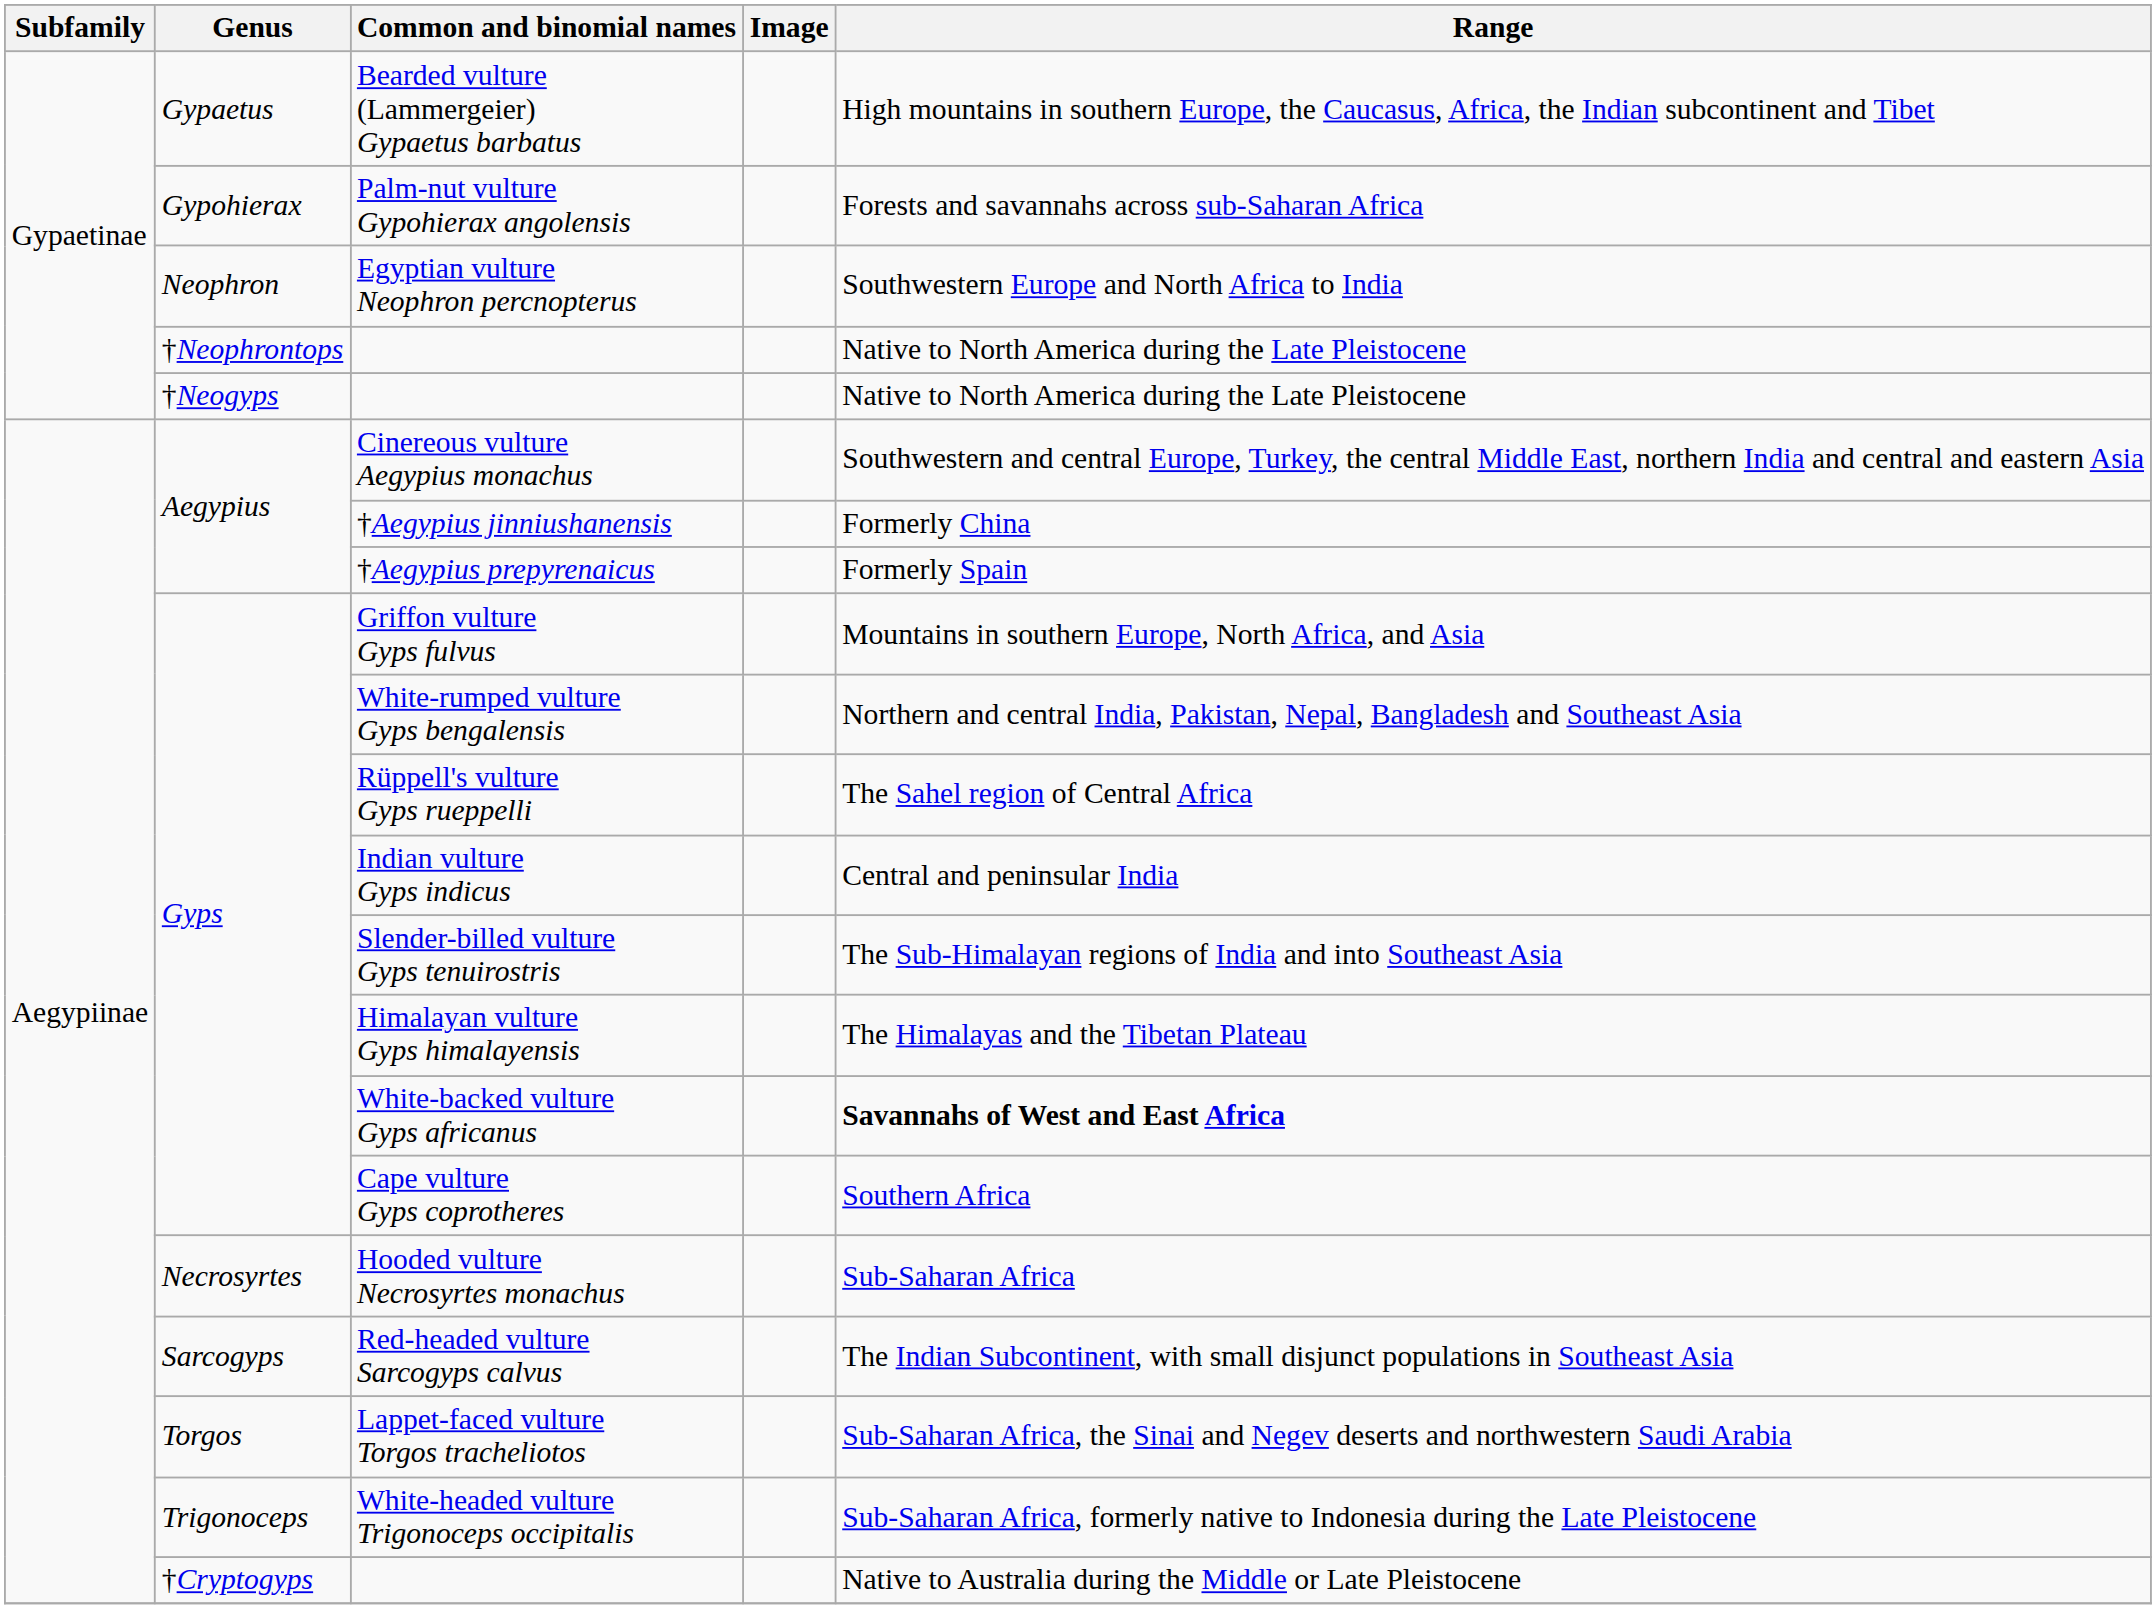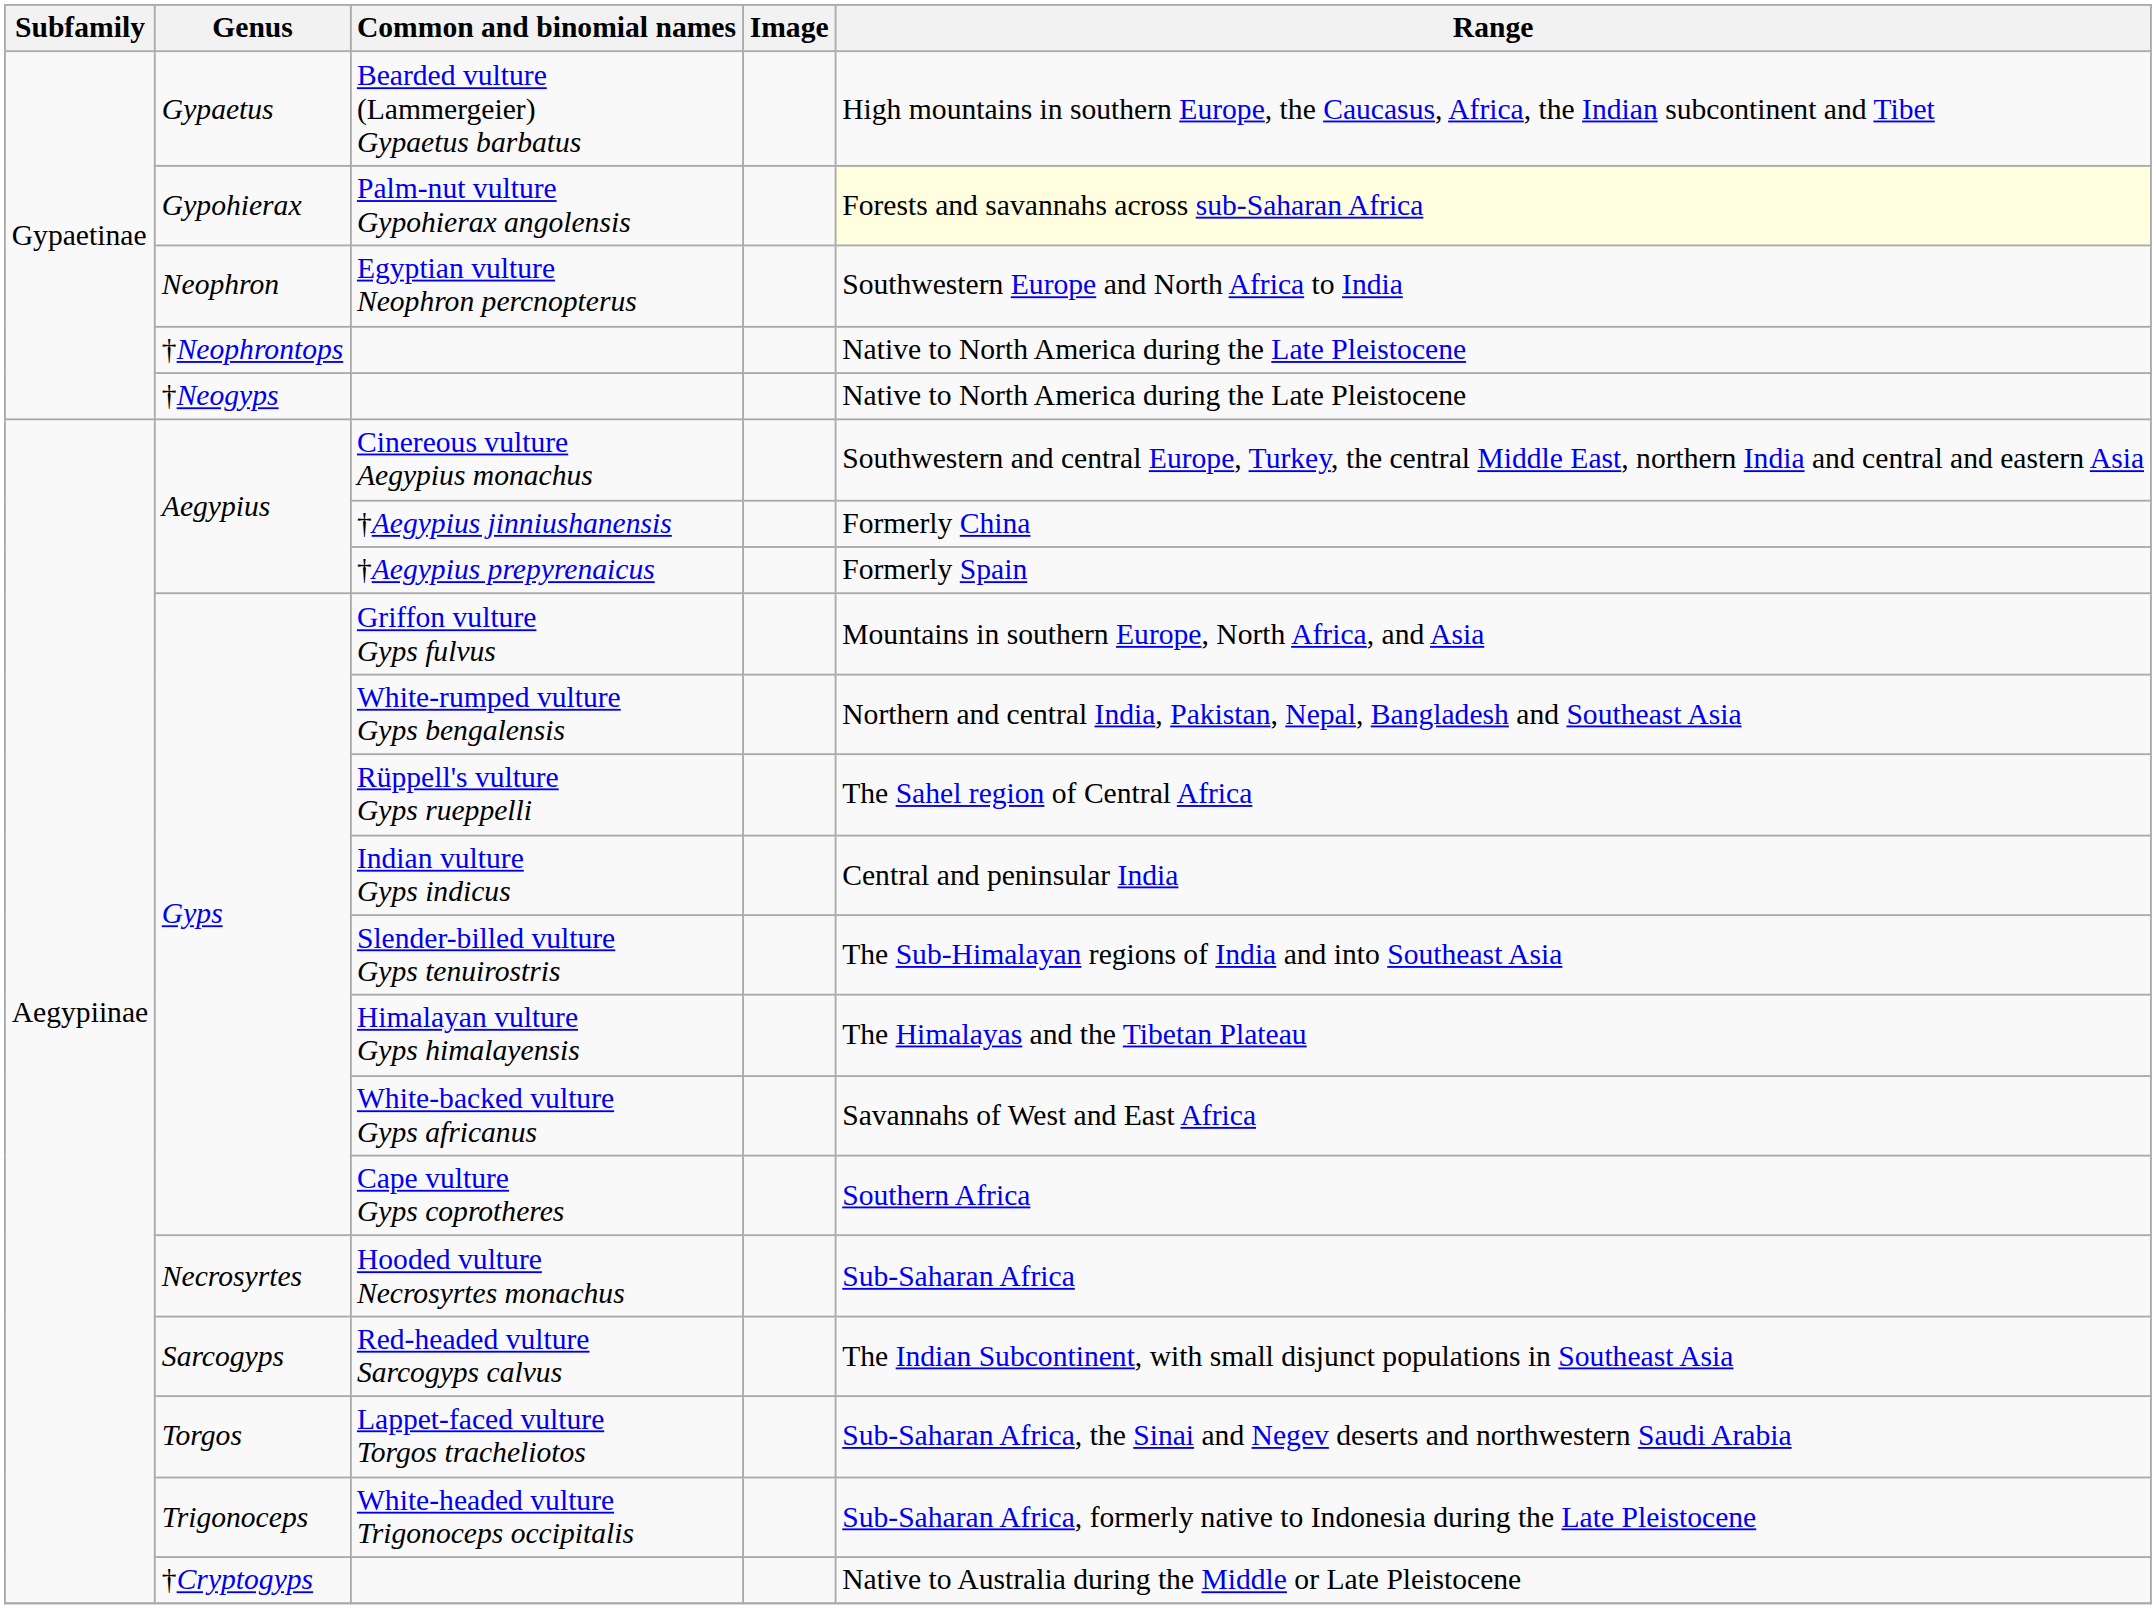 <table class="wikitable sortable">
 <tr>
 <th>Subfamily</th>
 <th>Genus</th>
 <th>Common and binomial names</th>
 <th class="unsortable">Image</th>
 <th>Range</th>
 </tr>
 <tr>
 <td rowspan="5">Gypaetinae</td>
 <td><em> Gypaetus</em></td>
 <td><a href='#'>Bearded vulture</a><br>(Lammergeier)<br><em>Gypaetus barbatus</em></td>
 <td></td>
 <td>High mountains in southern <a href='#'>Europe</a>, the <a href='#'>Caucasus</a>, <a href='#'>Africa</a>, the <a href='#'>Indian</a> subcontinent and <a href='#'>Tibet</a></td>
 </tr>
 <tr>
 <td><em>Gypohierax</em></td>
 <td><a href='#'>Palm-nut vulture</a><br><em>Gypohierax angolensis</em></td>
 <td></td>
-<td>Forests and savannahs across <a href='#'>sub-Saharan Africa</a></td>
+<td style="background: lightyellow;">Forests and savannahs across <a href='#'>sub-Saharan Africa</a></td>
 </tr>
 <tr>
 <td><em>Neophron</em></td>
 <td><a href='#'>Egyptian vulture</a><br><em>Neophron percnopterus</em></td>
 <td></td>
 <td>Southwestern <a href='#'>Europe</a> and North <a href='#'>Africa</a> to <a href='#'>India</a></td>
 </tr>
 <tr>
 <td>†<em><a href='#'>Neophrontops</a></em></td>
 <td></td>
 <td></td>
 <td>Native to North America during the <a href='#'>Late Pleistocene</a></td>
 </tr>
 <tr>
 <td>†<em><a href='#'>Neogyps</a></em></td>
 <td></td>
 <td></td>
 <td>Native to North America during the Late Pleistocene</td>
 </tr>
 <tr>
 <td rowspan="16">Aegypiinae</td>
 <td rowspan="3"><em>Aegypius</em></td>
 <td><a href='#'>Cinereous vulture</a><br><em>Aegypius monachus</em></td>
 <td></td>
 <td>Southwestern and central <a href='#'>Europe</a>, <a href='#'>Turkey</a>, the central <a href='#'>Middle East</a>, northern <a href='#'>India</a> and central and eastern <a href='#'>Asia</a></td>
 </tr>
 <tr>
 <td>†<em><a href='#'>Aegypius jinniushanensis</a></em></td>
 <td></td>
 <td>Formerly <a href='#'>China</a></td>
 </tr>
 <tr>
 <td>†<em><a href='#'>Aegypius prepyrenaicus</a></em></td>
 <td></td>
 <td>Formerly <a href='#'>Spain</a></td>
 </tr>
 <tr>
 <td rowspan="8"><em><a href='#'>Gyps</a></em></td>
 <td><a href='#'>Griffon vulture</a><br><em>Gyps fulvus</em></td>
 <td></td>
 <td>Mountains in southern <a href='#'>Europe</a>, North <a href='#'>Africa</a>, and <a href='#'>Asia</a></td>
 </tr>
 <tr>
 <td><a href='#'>White-rumped vulture</a><br><em>Gyps bengalensis</em></td>
 <td></td>
 <td>Northern and central <a href='#'>India</a>, <a href='#'>Pakistan</a>, <a href='#'>Nepal</a>, <a href='#'>Bangladesh</a> and <a href='#'>Southeast Asia</a></td>
 </tr>
 <tr>
 <td><a href='#'>Rüppell's vulture</a><br><em>Gyps rueppelli</em></td>
 <td></td>
 <td>The <a href='#'>Sahel region</a> of Central <a href='#'>Africa</a></td>
 </tr>
 <tr>
 <td><a href='#'>Indian vulture</a><br><em>Gyps indicus</em></td>
 <td></td>
 <td>Central and peninsular <a href='#'>India</a></td>
 </tr>
 <tr>
 <td><a href='#'>Slender-billed vulture</a><br><em>Gyps tenuirostris</em></td>
 <td></td>
 <td>The <a href='#'>Sub-Himalayan</a> regions of <a href='#'>India</a> and into <a href='#'>Southeast Asia</a></td>
 </tr>
 <tr>
 <td><a href='#'>Himalayan vulture</a><br><em>Gyps himalayensis</em></td>
 <td></td>
 <td>The <a href='#'>Himalayas</a> and the <a href='#'>Tibetan Plateau</a></td>
 </tr>
 <tr>
 <td><a href='#'>White-backed vulture</a><br><em>Gyps africanus</em></td>
 <td></td>
-<td><strong>Savannahs of West and East <a href='#'>Africa</a></strong></td>
+<td>Savannahs of West and East <a href='#'>Africa</a></td>
 </tr>
 <tr>
 <td><a href='#'>Cape vulture</a><br><em>Gyps coprotheres</em></td>
 <td></td>
 <td><a href='#'>Southern Africa</a></td>
 </tr>
 <tr>
 <td><em>Necrosyrtes</em></td>
 <td><a href='#'>Hooded vulture</a><br><em>Necrosyrtes monachus</em></td>
 <td></td>
 <td><a href='#'>Sub-Saharan Africa</a></td>
 </tr>
 <tr>
 <td><em>Sarcogyps</em></td>
 <td><a href='#'>Red-headed vulture</a><br><em>Sarcogyps calvus</em></td>
 <td></td>
 <td>The <a href='#'>Indian Subcontinent</a>, with small disjunct populations in <a href='#'>Southeast Asia</a></td>
 </tr>
 <tr>
 <td><em>Torgos</em></td>
 <td><a href='#'>Lappet-faced vulture</a><br><em>Torgos tracheliotos</em></td>
 <td></td>
 <td><a href='#'>Sub-Saharan Africa</a>, the <a href='#'>Sinai</a> and <a href='#'>Negev</a> deserts and northwestern <a href='#'>Saudi Arabia</a></td>
 </tr>
 <tr>
 <td><em>Trigonoceps</em></td>
 <td><a href='#'>White-headed vulture</a><br><em>Trigonoceps occipitalis</em></td>
 <td></td>
 <td><a href='#'>Sub-Saharan Africa</a>, formerly native to Indonesia during the <a href='#'>Late Pleistocene</a></td>
 </tr>
 <tr>
 <td>†<em><a href='#'>Cryptogyps</a></em></td>
 <td></td>
 <td></td>
 <td>Native to Australia during the <a href='#'>Middle</a> or Late Pleistocene</td>
 </tr>
 <tr>
 </tr>
 </table>
